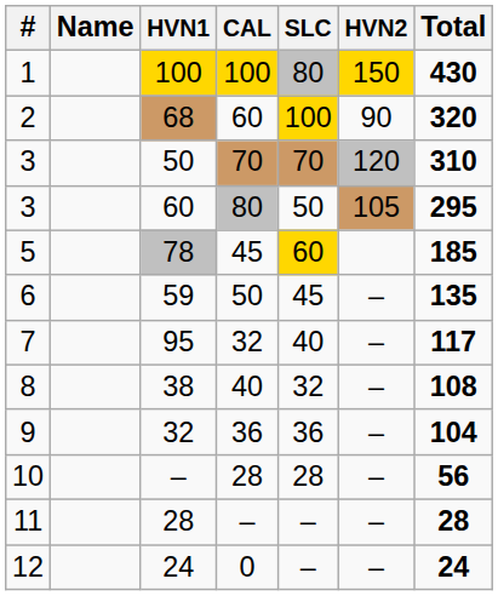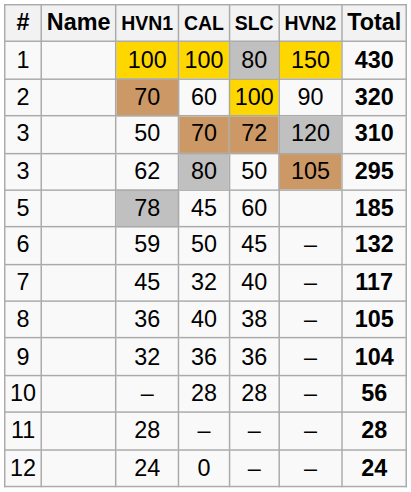 <table class="wikitable sortable" style="text-align:center;">
 <tr>
 <th>#</th>
 <th>Name</th>
 <th><small>HVN1</small></th>
 <th><small>CAL</small></th>
 <th><small>SLC</small></th>
 <th><small>HVN2</small></th>
 <th>Total</th>
 </tr>
 <tr>
 <td>1</td>
 <td align=left><strong></strong></td>
 <td bgcolor="gold">100</td>
 <td bgcolor="gold">100</td>
 <td bgcolor="silver">80</td>
 <td bgcolor="gold">150</td>
 <td><strong>430</strong></td>
 </tr>
 <tr>
 <td>2</td>
 <td align=left></td>
-<td bgcolor=CC9966>68</td>
+<td bgcolor=CC9966>70</td>
 <td>60</td>
 <td bgcolor="gold">100</td>
 <td>90</td>
 <td><strong>320</strong></td>
 </tr>
 <tr>
 <td>3</td>
 <td align=left></td>
 <td>50</td>
 <td bgcolor=CC9966>70</td>
-<td bgcolor=CC9966>70</td>
+<td bgcolor=CC9966>72</td>
 <td bgcolor="silver">120</td>
 <td><strong>310</strong></td>
 </tr>
 <tr>
 <td>3</td>
 <td align=left></td>
-<td>60</td>
+<td>62</td>
 <td bgcolor="silver">80</td>
 <td>50</td>
 <td bgcolor=CC9966>105</td>
 <td><strong>295</strong></td>
 </tr>
 <tr>
 <td>5</td>
 <td align=left></td>
 <td bgcolor="silver">78</td>
 <td>45</td>
-<td style="background: gold;">60</td>
+<td>60</td>
 <td></td>
 <td><strong>185</strong></td>
 </tr>
 <tr>
 <td>6</td>
 <td align=left></td>
 <td>59</td>
 <td>50</td>
 <td>45</td>
 <td>–</td>
-<td><strong>135</strong></td>
+<td><strong>132</strong></td>
 </tr>
 <tr>
 <td>7</td>
 <td align=left></td>
-<td>95</td>
+<td>45</td>
 <td>32</td>
 <td>40</td>
 <td>–</td>
 <td><strong>117</strong></td>
 </tr>
 <tr>
 <td>8</td>
 <td align=left></td>
+<td>36</td>
+<td>40</td>
 <td>38</td>
-<td>40</td>
-<td>32</td>
 <td>–</td>
-<td><strong>108</strong></td>
+<td><strong>105</strong></td>
 </tr>
 <tr>
 <td>9</td>
 <td align=left></td>
 <td>32</td>
 <td>36</td>
 <td>36</td>
 <td>–</td>
 <td><strong>104</strong></td>
 </tr>
 <tr>
 <td>10</td>
 <td align=left></td>
 <td>–</td>
 <td>28</td>
 <td>28</td>
 <td>–</td>
 <td><strong>56</strong></td>
 </tr>
 <tr>
 <td>11</td>
 <td align=left></td>
 <td>28</td>
 <td>–</td>
 <td>–</td>
 <td>–</td>
 <td><strong>28</strong></td>
 </tr>
 <tr>
 <td>12</td>
 <td align=left></td>
 <td>24</td>
 <td>0</td>
 <td>–</td>
 <td>–</td>
 <td><strong>24</strong></td>
 </tr>
 </table>
